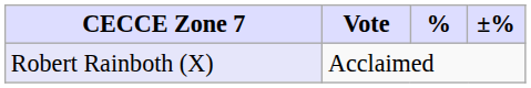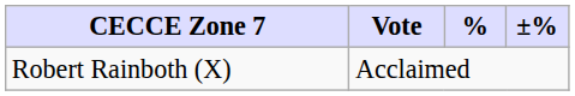 <table class="wikitable">
 <tr>
 <th style="background:#DDDDFF" width="200px">CECCE Zone 7</th>
 <th style="background:#DDDDFF" width="50px">Vote</th>
 <th style="background:#DDDDFF" width="30px">%</th>
 <th style="background:#DDDDFF" width="30px">±%</th>
 </tr>
 <tr>
-<td style="background: lavender;">Robert Rainboth (X)</td>
+<td>Robert Rainboth (X)</td>
 <td colspan="3">Acclaimed</td>
 </tr>
 </table>
